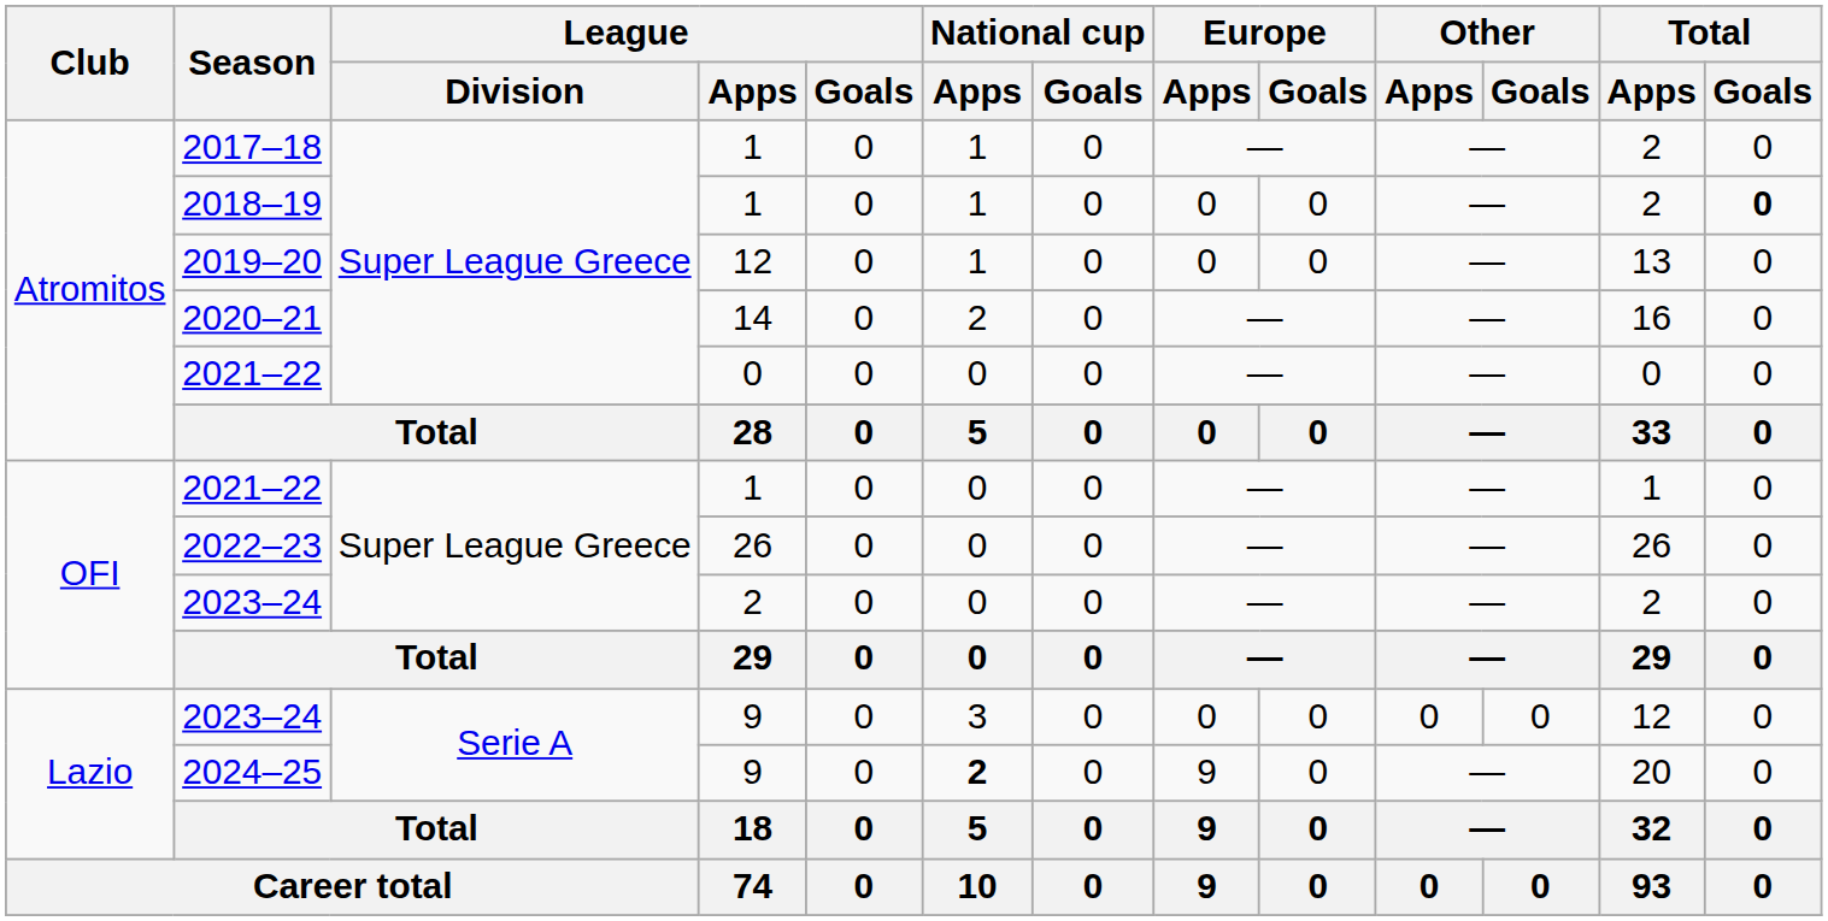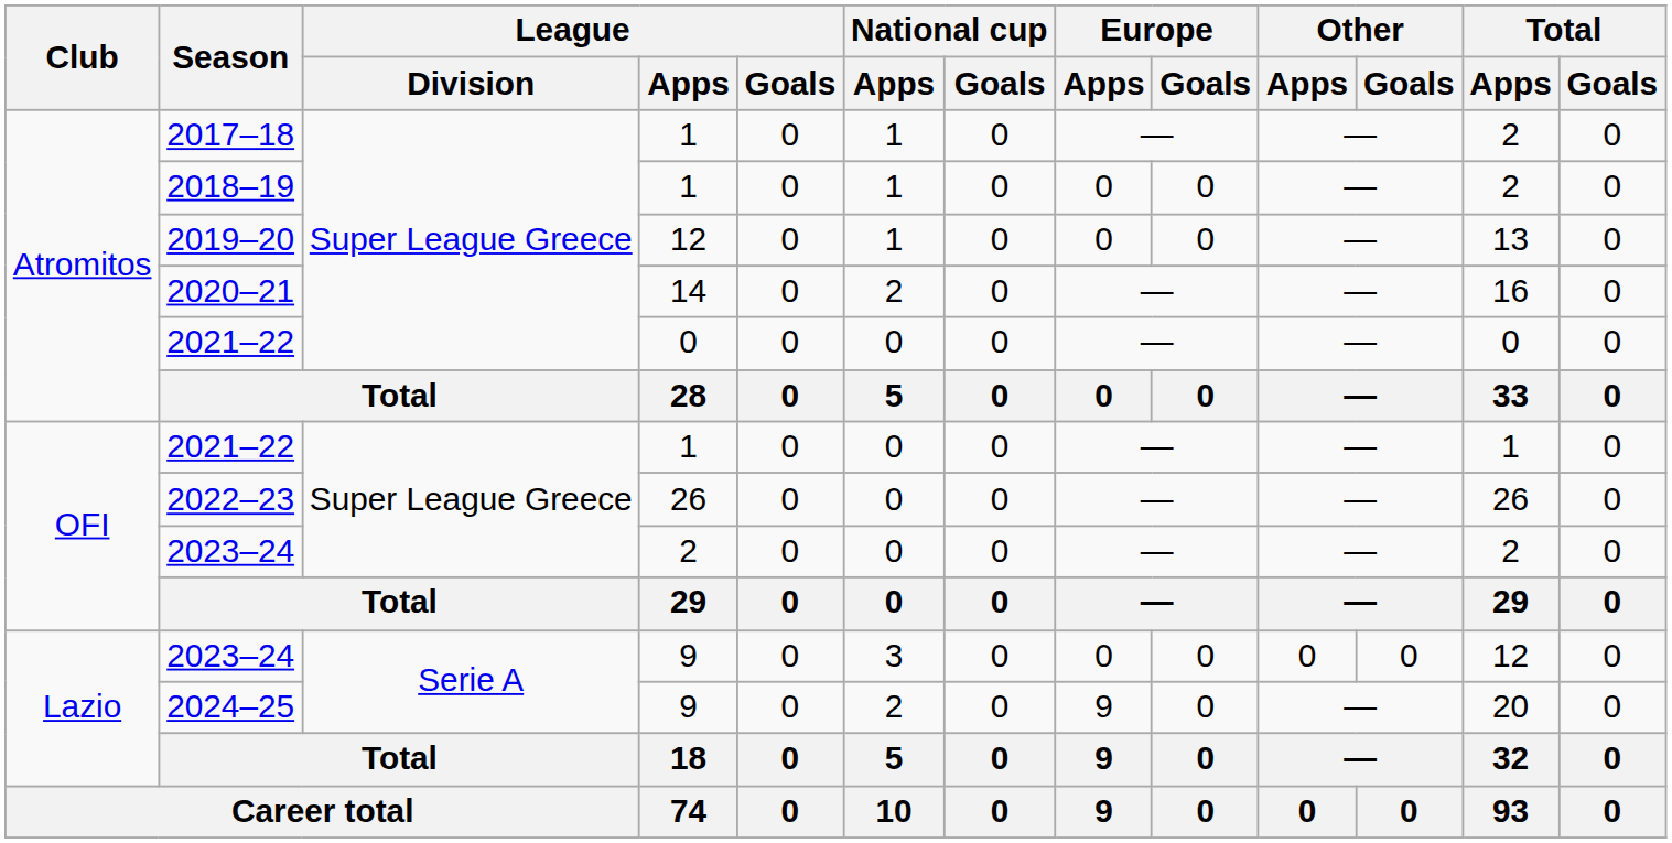 <table class="wikitable" style="text-align:center">
 <tr>
 <th rowspan="2">Club</th>
 <th rowspan="2">Season</th>
 <th colspan="3">League</th>
 <th colspan="2">National cup</th>
 <th colspan="2">Europe</th>
 <th colspan="2">Other</th>
 <th colspan="2">Total</th>
 </tr>
 <tr>
 <th>Division</th>
 <th>Apps</th>
 <th>Goals</th>
 <th>Apps</th>
 <th>Goals</th>
 <th>Apps</th>
 <th>Goals</th>
 <th>Apps</th>
 <th>Goals</th>
 <th>Apps</th>
 <th>Goals</th>
 </tr>
 <tr>
 <td rowspan="6"><a href='#'>Atromitos</a></td>
 <td><a href='#'>2017–18</a></td>
 <td rowspan="5"><a href='#'>Super League Greece</a></td>
 <td>1</td>
 <td>0</td>
 <td>1</td>
 <td>0</td>
 <td colspan="2">—</td>
 <td colspan="2">—</td>
 <td>2</td>
 <td>0</td>
 </tr>
 <tr>
 <td><a href='#'>2018–19</a></td>
 <td>1</td>
 <td>0</td>
 <td>1</td>
 <td>0</td>
 <td>0</td>
 <td>0</td>
 <td colspan="2">—</td>
 <td>2</td>
-<td><strong>0</strong></td>
+<td>0</td>
 </tr>
 <tr>
 <td><a href='#'>2019–20</a></td>
 <td>12</td>
 <td>0</td>
 <td>1</td>
 <td>0</td>
 <td>0</td>
 <td>0</td>
 <td colspan="2">—</td>
 <td>13</td>
 <td>0</td>
 </tr>
 <tr>
 <td><a href='#'>2020–21</a></td>
 <td>14</td>
 <td>0</td>
 <td>2</td>
 <td>0</td>
 <td colspan="2">—</td>
 <td colspan="2">—</td>
 <td>16</td>
 <td>0</td>
 </tr>
 <tr>
 <td><a href='#'>2021–22</a></td>
 <td>0</td>
 <td>0</td>
 <td>0</td>
 <td>0</td>
 <td colspan="2">—</td>
 <td colspan="2">—</td>
 <td>0</td>
 <td>0</td>
 </tr>
 <tr>
 <th colspan="2">Total</th>
 <th>28</th>
 <th>0</th>
 <th>5</th>
 <th>0</th>
 <th>0</th>
 <th>0</th>
 <th colspan="2">—</th>
 <th>33</th>
 <th>0</th>
 </tr>
 <tr>
 <td rowspan="4"><a href='#'>OFI</a></td>
 <td><a href='#'>2021–22</a></td>
 <td rowspan="3">Super League Greece</td>
 <td>1</td>
 <td>0</td>
 <td>0</td>
 <td>0</td>
 <td colspan="2">—</td>
 <td colspan="2">—</td>
 <td>1</td>
 <td>0</td>
 </tr>
 <tr>
 <td><a href='#'>2022–23</a></td>
 <td>26</td>
 <td>0</td>
 <td>0</td>
 <td>0</td>
 <td colspan="2">—</td>
 <td colspan="2">—</td>
 <td>26</td>
 <td>0</td>
 </tr>
 <tr>
 <td><a href='#'>2023–24</a></td>
 <td>2</td>
 <td>0</td>
 <td>0</td>
 <td>0</td>
 <td colspan="2">—</td>
 <td colspan="2">—</td>
 <td>2</td>
 <td>0</td>
 </tr>
 <tr>
 <th colspan="2">Total</th>
 <th>29</th>
 <th>0</th>
 <th>0</th>
 <th>0</th>
 <th colspan="2">—</th>
 <th colspan="2">—</th>
 <th>29</th>
 <th>0</th>
 </tr>
 <tr>
 <td rowspan="3"><a href='#'>Lazio</a></td>
 <td><a href='#'>2023–24</a></td>
 <td rowspan="2"><a href='#'>Serie A</a></td>
 <td>9</td>
 <td>0</td>
 <td>3</td>
 <td>0</td>
 <td>0</td>
 <td>0</td>
 <td>0</td>
 <td>0</td>
 <td>12</td>
 <td>0</td>
 </tr>
 <tr>
 <td><a href='#'>2024–25</a></td>
 <td>9</td>
 <td>0</td>
-<td><strong>2</strong></td>
+<td>2</td>
 <td>0</td>
 <td>9</td>
 <td>0</td>
 <td colspan="2">—</td>
 <td>20</td>
 <td>0</td>
 </tr>
 <tr>
 <th colspan="2">Total</th>
 <th>18</th>
 <th>0</th>
 <th>5</th>
 <th>0</th>
 <th>9</th>
 <th>0</th>
 <th colspan="2">—</th>
 <th>32</th>
 <th>0</th>
 </tr>
 <tr>
 <th colspan="3">Career total</th>
 <th>74</th>
 <th>0</th>
 <th>10</th>
 <th>0</th>
 <th>9</th>
 <th>0</th>
 <th>0</th>
 <th>0</th>
 <th>93</th>
 <th>0</th>
 </tr>
 </table>
